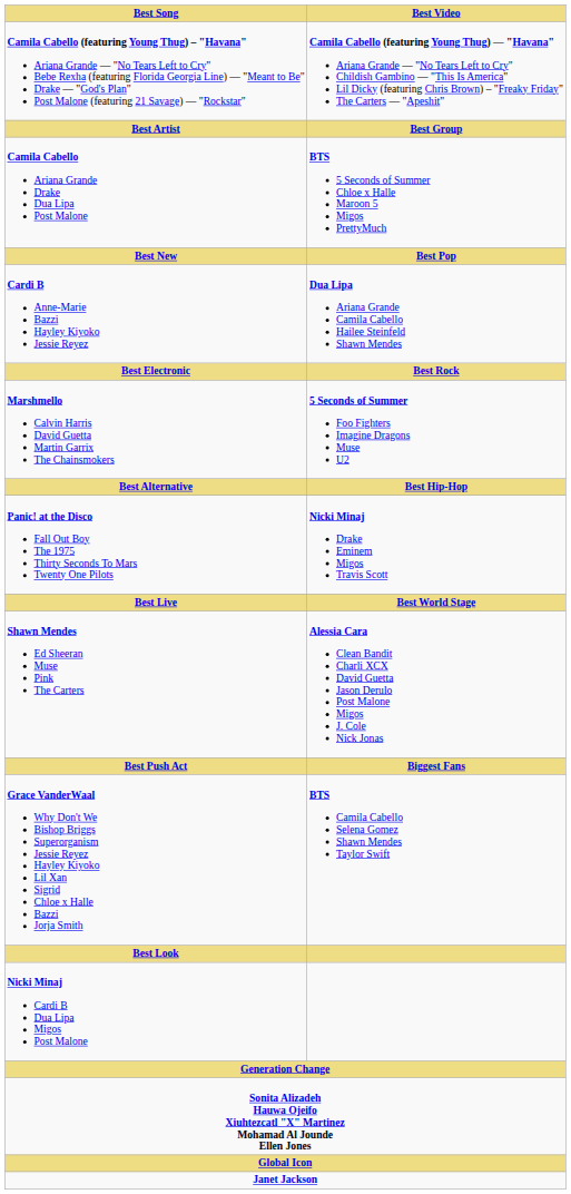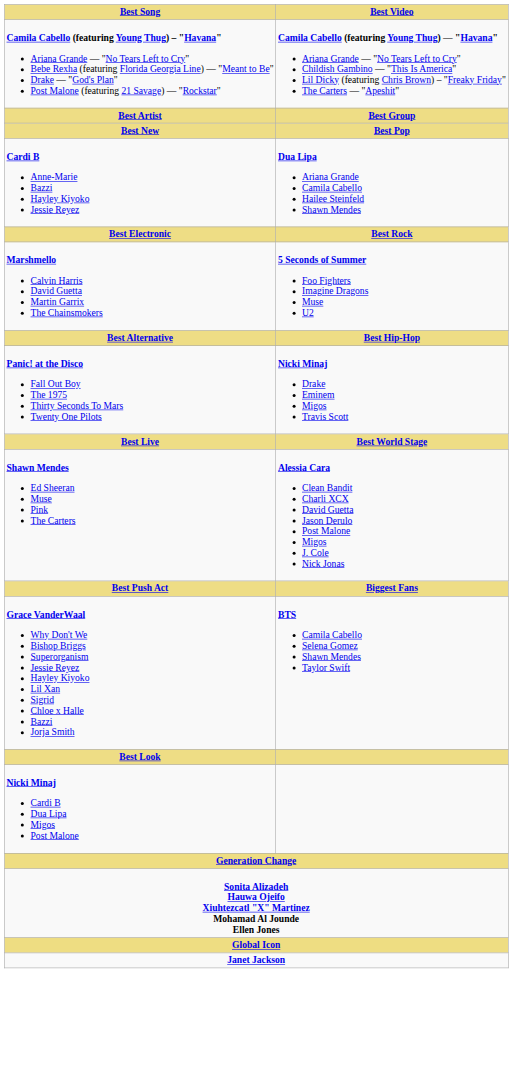 <table class=wikitable style="width=100%">
 <tr>
 <th style="background:#EEDD85; width=50%"><a href='#'>Best Song</a></th>
 <th style="background:#EEDD85; width=50%"><a href='#'>Best Video</a></th>
 </tr>
 <tr>
 <td valign="top"><br><strong><a href='#'>Camila Cabello</a> (featuring <a href='#'>Young Thug</a>) – "<a href='#'>Havana</a>"</strong><ul><li><a href='#'>Ariana Grande</a> — "<a href='#'>No Tears Left to Cry</a>"</li><li><a href='#'>Bebe Rexha</a> (featuring <a href='#'>Florida Georgia Line</a>) — "<a href='#'>Meant to Be</a>"</li><li><a href='#'>Drake</a>   — "<a href='#'>God's Plan</a>"</li><li><a href='#'>Post Malone</a> (featuring <a href='#'>21 Savage</a>) — "<a href='#'>Rockstar</a>"</li></ul></td>
 <td valign="top"><br><strong><a href='#'>Camila Cabello</a> (featuring <a href='#'>Young Thug</a>) — "<a href='#'>Havana</a>"</strong><ul><li><a href='#'>Ariana Grande</a> — "<a href='#'>No Tears Left to Cry</a>"</li><li><a href='#'>Childish Gambino</a> — "<a href='#'>This Is America</a>"</li><li><a href='#'>Lil Dicky</a> (featuring <a href='#'>Chris Brown</a>) – "<a href='#'>Freaky Friday</a>"</li><li><a href='#'>The Carters</a> — "<a href='#'>Apeshit</a>"</li></ul></td>
 </tr>
 <tr>
 <th style="background:#EEDD85; width=50%"><a href='#'>Best Artist</a></th>
 <th style="background:#EEDD85; width=50%"><a href='#'>Best Group</a></th>
-</tr>
-<tr>
-<td valign="top"><br><strong><a href='#'>Camila Cabello</a></strong><ul><li><a href='#'>Ariana Grande</a></li><li><a href='#'>Drake</a></li><li><a href='#'>Dua Lipa</a></li><li><a href='#'>Post Malone</a></li></ul></td>
-<td valign="top"><br><strong><a href='#'>BTS</a></strong><ul><li><a href='#'>5 Seconds of Summer</a></li><li><a href='#'>Chloe x Halle</a></li><li><a href='#'>Maroon 5</a></li><li><a href='#'>Migos</a></li><li><a href='#'>PrettyMuch</a></li></ul></td>
 </tr>
 <tr>
 <th style="background:#EEDD85; width=50%"><a href='#'>Best New</a></th>
 <th style="background:#EEDD85; width=50%"><a href='#'>Best Pop</a></th>
 </tr>
 <tr>
 <td valign="top"><br><strong><a href='#'>Cardi B</a></strong><ul><li><a href='#'>Anne-Marie</a></li><li><a href='#'>Bazzi</a></li><li><a href='#'>Hayley Kiyoko</a></li><li><a href='#'>Jessie Reyez</a></li></ul></td>
 <td valign="top"><br><strong><a href='#'>Dua Lipa</a></strong><ul><li><a href='#'>Ariana Grande</a></li><li><a href='#'>Camila Cabello</a></li><li><a href='#'>Hailee Steinfeld</a></li><li><a href='#'>Shawn Mendes</a></li></ul></td>
 </tr>
 <tr>
 <th style="background:#EEDD85; width=50%"><a href='#'>Best Electronic</a></th>
 <th style="background:#EEDD85; width=50%"><a href='#'>Best Rock</a></th>
 </tr>
 <tr>
 <td valign="top"><br><strong><a href='#'>Marshmello</a></strong><ul><li><a href='#'>Calvin Harris</a></li><li><a href='#'>David Guetta</a></li><li><a href='#'>Martin Garrix</a></li><li><a href='#'>The Chainsmokers</a></li></ul></td>
 <td valign="top"><br><strong><a href='#'>5 Seconds of Summer</a></strong><ul><li><a href='#'>Foo Fighters</a></li><li><a href='#'>Imagine Dragons</a></li><li><a href='#'>Muse</a></li><li><a href='#'>U2</a></li></ul></td>
 </tr>
 <tr>
 <th style="background:#EEDD85; width=50%"><a href='#'>Best Alternative</a></th>
 <th style="background:#EEDD85; width=50%"><a href='#'>Best Hip-Hop</a></th>
 </tr>
 <tr>
 <td valign="top"><br><strong><a href='#'>Panic! at the Disco</a></strong><ul><li><a href='#'>Fall Out Boy</a></li><li><a href='#'>The 1975</a></li><li><a href='#'>Thirty Seconds To Mars</a></li><li><a href='#'>Twenty One Pilots</a></li></ul></td>
 <td valign="top"><br><strong><a href='#'>Nicki Minaj</a></strong><ul><li><a href='#'>Drake</a></li><li><a href='#'>Eminem</a></li><li><a href='#'>Migos</a></li><li><a href='#'>Travis Scott</a></li></ul></td>
 </tr>
 <tr>
 <th style="background:#EEDD85; width=50%"><a href='#'>Best Live</a></th>
 <th style="background:#EEDD85; width=50%"><a href='#'>Best World Stage</a></th>
 </tr>
 <tr>
 <td valign="top"><br><strong><a href='#'>Shawn Mendes</a></strong><ul><li><a href='#'>Ed Sheeran</a></li><li><a href='#'>Muse</a></li><li><a href='#'>Pink</a></li><li><a href='#'>The Carters</a></li></ul></td>
 <td valign="top"><br><strong><a href='#'>Alessia Cara</a></strong><ul><li><a href='#'>Clean Bandit</a></li><li><a href='#'>Charli XCX</a></li><li><a href='#'>David Guetta</a></li><li><a href='#'>Jason Derulo</a></li><li><a href='#'>Post Malone</a></li><li><a href='#'>Migos</a></li><li><a href='#'>J. Cole</a></li><li><a href='#'>Nick Jonas</a></li></ul></td>
 </tr>
 <tr>
 <th style="background:#EEDD85; width=50%"><a href='#'>Best Push Act</a></th>
 <th style="background:#EEDD85; width=50%"><a href='#'>Biggest Fans</a></th>
 </tr>
 <tr>
 <td valign="top"><br><strong><a href='#'>Grace VanderWaal</a></strong><ul><li><a href='#'>Why Don't We</a></li><li><a href='#'>Bishop Briggs</a></li><li><a href='#'>Superorganism</a></li><li><a href='#'>Jessie Reyez</a></li><li><a href='#'>Hayley Kiyoko</a></li><li><a href='#'>Lil Xan</a></li><li><a href='#'>Sigrid</a></li><li><a href='#'>Chloe x Halle</a></li><li><a href='#'>Bazzi</a></li><li><a href='#'>Jorja Smith</a></li></ul></td>
 <td valign="top"><br><strong><a href='#'>BTS</a></strong><ul><li><a href='#'>Camila Cabello</a></li><li><a href='#'>Selena Gomez</a></li><li><a href='#'>Shawn Mendes</a></li><li><a href='#'>Taylor Swift</a></li></ul></td>
 </tr>
 <tr>
 <th style="background:#EEDD85; width=50%"><a href='#'>Best Look</a></th>
 <th style="background:#EEDD85; width=50%"></th>
 </tr>
 <tr>
 <td valign="top"><br><strong><a href='#'>Nicki Minaj</a></strong><ul><li><a href='#'>Cardi B</a></li><li><a href='#'>Dua Lipa</a></li><li><a href='#'>Migos</a></li><li><a href='#'>Post Malone</a></li></ul></td>
 <td valign="top"></td>
 </tr>
 <tr>
 <th style="background:#EEDD82; width=50%" colspan="2"><a href='#'>Generation Change</a></th>
 </tr>
 <tr>
 <td colspan="2" style="text-align: center;"><br><strong><a href='#'>Sonita Alizadeh</a></strong><br> <strong><a href='#'>Hauwa Ojeifo</a></strong><br> <strong><a href='#'>Xiuhtezcatl "X" Martinez</a></strong><br> <strong>Mohamad Al Jounde</strong><br> <strong>Ellen Jones</strong></td>
 </tr>
 <tr>
 <th style="background:#EEDD82; width=50%" colspan="2"><a href='#'>Global Icon</a></th>
 </tr>
 <tr>
 <td colspan="2" style="text-align: center;"><strong><a href='#'>Janet Jackson</a></strong></td>
 </tr>
 </table>
